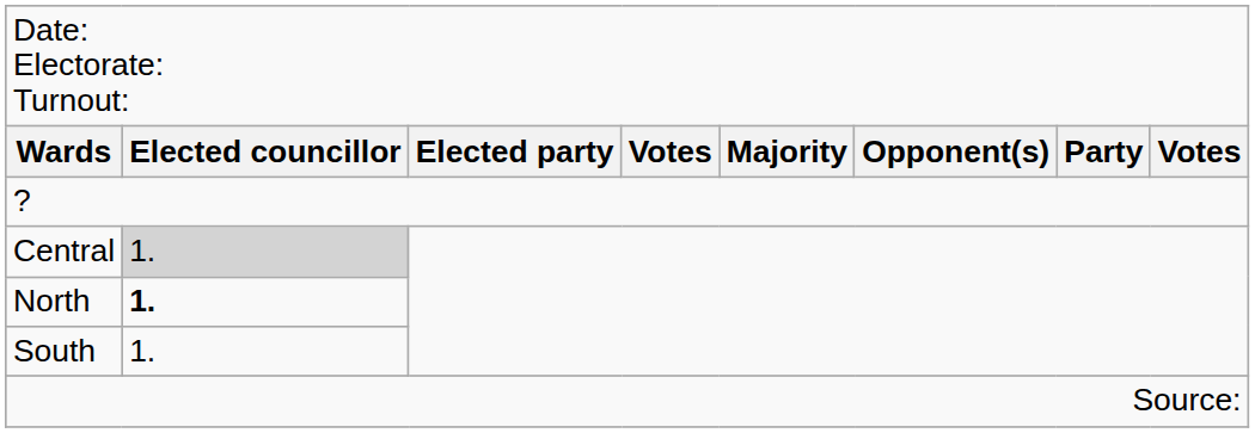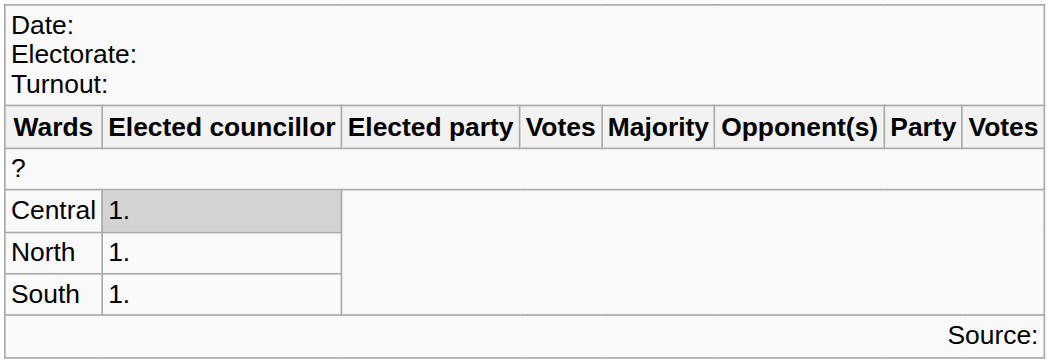 <table class=wikitable>
 <tr>
 <td colspan=8>Date: <br>Electorate: <br>Turnout:</td>
 </tr>
 <tr>
 <th>Wards</th>
 <th>Elected councillor</th>
 <th>Elected party</th>
 <th>Votes</th>
 <th>Majority</th>
 <th>Opponent(s)</th>
 <th>Party</th>
 <th>Votes</th>
 </tr>
 <tr>
 <td colspan=8>? </td>
 </tr>
 <tr>
 <td>Central</td>
 <td style="background: lightgrey;">1.</td>
 </tr>
 <tr>
 <td>North</td>
-<td><strong>1.</strong></td>
+<td>1.</td>
 </tr>
 <tr>
 <td>South</td>
 <td>1.</td>
 </tr>
 <tr>
 <td colspan=8 align=right>Source:</td>
 </tr>
 </table>
